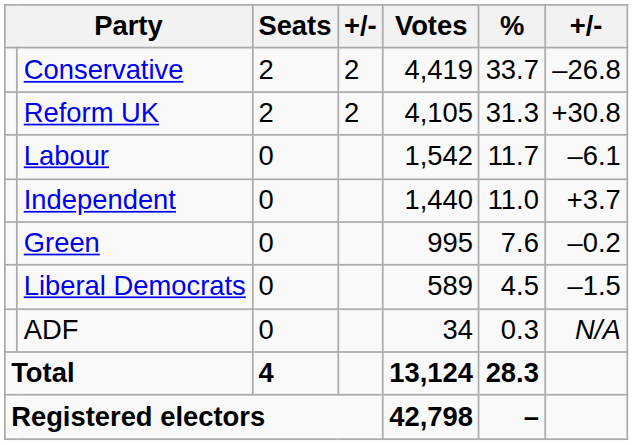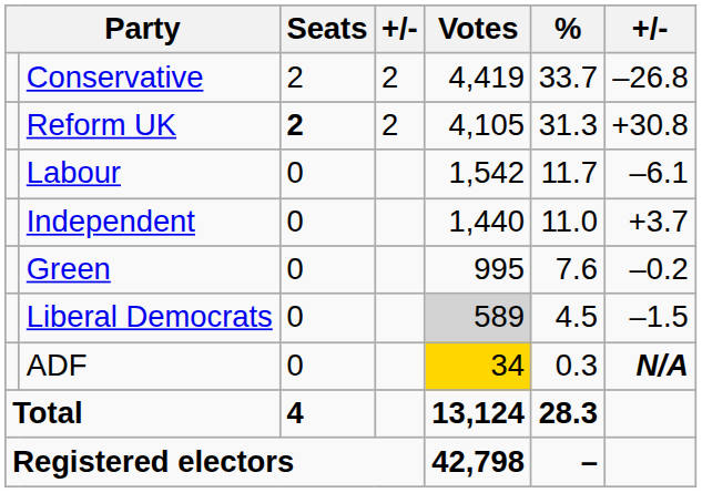 <table class="wikitable sortable">
 <tr>
 <th colspan="2">Party</th>
 <th>Seats</th>
 <th>+/-</th>
 <th>Votes</th>
 <th>%</th>
 <th>+/-</th>
 </tr>
 <tr>
 <td style="background-color: "></td>
 <td><a href='#'>Conservative</a></td>
 <td>2</td>
 <td> 2</td>
 <td style="text-align:right;">4,419</td>
 <td style="text-align:right;">33.7</td>
 <td style="text-align:right;">–26.8</td>
 </tr>
 <tr>
 <td style="background-color: "></td>
 <td><a href='#'>Reform UK</a></td>
-<td>2</td>
+<td><strong>2</strong></td>
 <td> 2</td>
 <td style="text-align:right;">4,105</td>
 <td style="text-align:right;">31.3</td>
 <td style="text-align:right;">+30.8</td>
 </tr>
 <tr>
 <td style="background-color: "></td>
 <td><a href='#'>Labour</a></td>
 <td>0</td>
 <td></td>
 <td style="text-align:right;">1,542</td>
 <td style="text-align:right;">11.7</td>
 <td style="text-align:right;">–6.1</td>
 </tr>
 <tr>
 <td style="background-color: "></td>
 <td><a href='#'>Independent</a></td>
 <td>0</td>
 <td></td>
 <td style="text-align:right;">1,440</td>
 <td style="text-align:right;">11.0</td>
 <td style="text-align:right;">+3.7</td>
 </tr>
 <tr>
 <td style="background-color: "></td>
 <td><a href='#'>Green</a></td>
 <td>0</td>
 <td></td>
 <td style="text-align:right;">995</td>
 <td style="text-align:right;">7.6</td>
 <td style="text-align:right;">–0.2</td>
 </tr>
 <tr>
 <td style="background-color: "></td>
 <td><a href='#'>Liberal Democrats</a></td>
 <td>0</td>
 <td></td>
-<td style="text-align:right;">589</td>
+<td style="background: lightgrey; text-align:right;">589</td>
 <td style="text-align:right;">4.5</td>
 <td style="text-align:right;">–1.5</td>
 </tr>
 <tr>
 <td style="background-color: "></td>
 <td>ADF</td>
 <td>0</td>
 <td></td>
-<td style="text-align:right;">34</td>
+<td style="background: gold; text-align:right;">34</td>
 <td style="text-align:right;">0.3</td>
-<td style="text-align:right;"><em>N/A</em></td>
+<td style="text-align:right;"><strong><em>N/A</em></strong></td>
 </tr>
 <tr>
 <td colspan="2"><strong>Total</strong></td>
 <td><strong>4</strong></td>
 <td></td>
 <td style="text-align:right;"><strong>13,124</strong></td>
 <td style="text-align:right;"><strong>28.3</strong></td>
 <td style="text-align:right;"></td>
 </tr>
 <tr>
 <td colspan="4"><strong>Registered electors</strong></td>
 <td style="text-align:right;"><strong>42,798</strong></td>
 <td style="text-align:right;"><strong>–</strong></td>
 <td style="text-align:right;"></td>
 </tr>
 </table>
